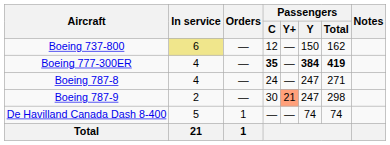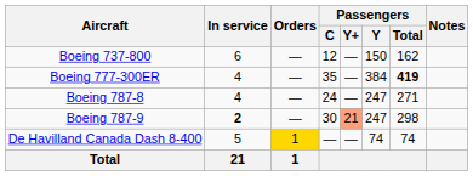 <table class="wikitable" style="border-collapse:collapse; text-align:center; margin:1em auto;">
 <tr>
 <th rowspan="2">Aircraft</th>
 <th rowspan="2">In service</th>
 <th rowspan="2">Orders</th>
 <th colspan="4">Passengers</th>
 <th rowspan="2">Notes</th>
 </tr>
 <tr>
 <th><abbr>C</abbr></th>
 <th><abbr>Y+</abbr></th>
 <th><abbr>Y</abbr></th>
 <th>Total</th>
 </tr>
 <tr>
 <td><a href='#'>Boeing 737-800</a></td>
-<td style="background: khaki;">6</td>
+<td>6</td>
 <td>—</td>
 <td>12</td>
 <td>—</td>
 <td>150</td>
 <td>162</td>
 <td></td>
 </tr>
 <tr>
 <td><a href='#'>Boeing 777-300ER</a></td>
 <td>4</td>
 <td>—</td>
-<td><strong>35</strong></td>
+<td>35</td>
 <td>—</td>
-<td><strong>384</strong></td>
+<td>384</td>
 <td><strong>419</strong></td>
 <td></td>
 </tr>
 <tr>
 <td><a href='#'>Boeing 787-8</a></td>
 <td>4</td>
 <td>—</td>
 <td>24</td>
 <td>—</td>
 <td>247</td>
 <td>271</td>
 <td></td>
 </tr>
 <tr>
 <td><a href='#'>Boeing 787-9</a></td>
-<td>2</td>
+<td><strong>2</strong></td>
 <td>—</td>
 <td>30</td>
 <td style="background: lightsalmon;">21</td>
 <td>247</td>
 <td>298</td>
 <td></td>
 </tr>
 <tr>
 <td><a href='#'>De Havilland Canada Dash 8-400</a></td>
 <td>5</td>
-<td>1</td>
+<td style="background: gold;">1</td>
 <td>—</td>
 <td>—</td>
 <td>74</td>
 <td>74</td>
 <td></td>
 </tr>
 <tr>
 <th>Total</th>
 <th>21</th>
 <th>1</th>
 <th colspan="4"></th>
 <th></th>
 </tr>
 </table>
